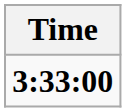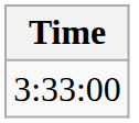 <table class="wikitable" border="1" align="upright">
 <tr>
 <th>Time</th>
 </tr>
 <tr>
-<td align=center><strong>3:33:00</strong></td>
+<td align=center>3:33:00</td>
 </tr>
 </table>
